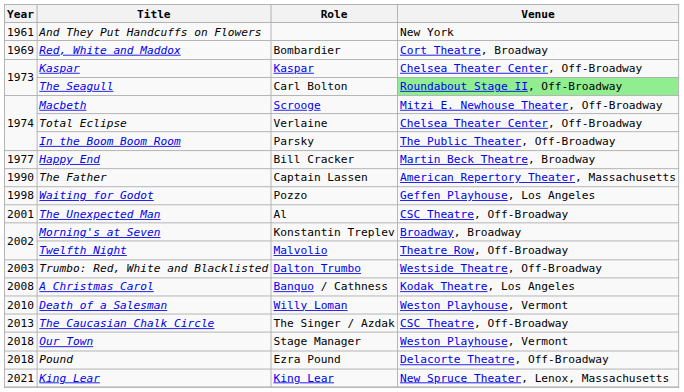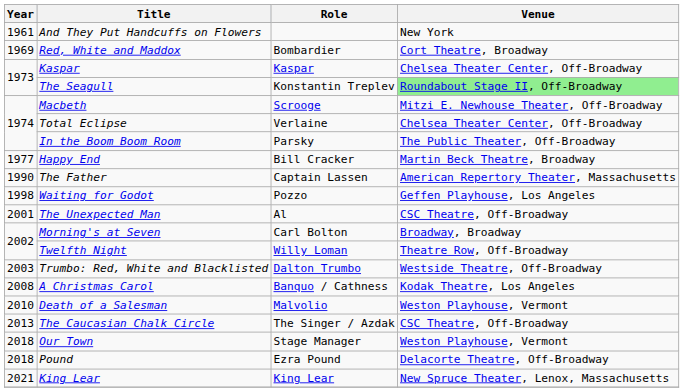 <table class="wikitable sortable">
 <tr style="background:#b0c4de; text-align:center;">
 <th>Year</th>
 <th>Title</th>
 <th>Role</th>
 <th>Venue</th>
 </tr>
 <tr>
 <td>1961</td>
 <td><em>And They Put Handcuffs on Flowers</em></td>
 <td></td>
 <td>New York</td>
 </tr>
 <tr>
 <td>1969</td>
 <td><em><a href='#'>Red, White and Maddox</a></em></td>
 <td>Bombardier</td>
 <td><a href='#'>Cort Theatre</a>, Broadway</td>
 </tr>
 <tr>
 <td rowspan="2">1973</td>
 <td><em><a href='#'>Kaspar</a></em></td>
 <td><a href='#'>Kaspar</a></td>
 <td><a href='#'>Chelsea Theater Center</a>, Off-Broadway</td>
 </tr>
 <tr>
 <td><em><a href='#'>The Seagull</a></em></td>
-<td>Carl Bolton</td>
+<td>Konstantin Treplev</td>
 <td style="background: lightgreen;"><a href='#'>Roundabout Stage II</a>, Off-Broadway</td>
 </tr>
 <tr>
 <td rowspan="3">1974</td>
 <td><em><a href='#'>Macbeth</a></em></td>
 <td><a href='#'>Scrooge</a></td>
 <td><a href='#'>Mitzi E. Newhouse Theater</a>, Off-Broadway</td>
 </tr>
 <tr>
 <td><em>Total Eclipse</em></td>
 <td>Verlaine</td>
 <td><a href='#'>Chelsea Theater Center</a>, Off-Broadway</td>
 </tr>
 <tr>
 <td><em><a href='#'>In the Boom Boom Room</a></em></td>
 <td>Parsky</td>
 <td><a href='#'>The Public Theater</a>, Off-Broadway</td>
 </tr>
 <tr>
 <td>1977</td>
 <td><em><a href='#'>Happy End</a></em></td>
 <td>Bill Cracker</td>
 <td><a href='#'>Martin Beck Theatre</a>, Broadway</td>
 </tr>
 <tr>
 <td>1990</td>
 <td data-sort-value="Father, The"><em>The Father</em></td>
 <td>Captain Lassen</td>
 <td><a href='#'>American Repertory Theater</a>, Massachusetts</td>
 </tr>
 <tr>
 <td>1998</td>
 <td><em><a href='#'>Waiting for Godot</a></em></td>
 <td>Pozzo</td>
 <td><a href='#'>Geffen Playhouse</a>, Los Angeles</td>
 </tr>
 <tr>
 <td>2001</td>
 <td data-sort-value="Unexpected Man, The"><em><a href='#'>The Unexpected Man</a></em></td>
 <td>Al</td>
 <td><a href='#'>CSC Theatre</a>, Off-Broadway</td>
 </tr>
 <tr>
 <td rowspan="2">2002</td>
 <td><em><a href='#'>Morning's at Seven</a></em></td>
-<td>Konstantin Treplev</td>
+<td>Carl Bolton</td>
 <td><a href='#'>Broadway</a>, Broadway</td>
 </tr>
 <tr>
 <td><em><a href='#'>Twelfth Night</a></em></td>
-<td><a href='#'>Malvolio</a></td>
+<td><a href='#'>Willy Loman</a></td>
 <td><a href='#'>Theatre Row</a>, Off-Broadway</td>
 </tr>
 <tr>
 <td>2003</td>
 <td><em>Trumbo: Red, White and Blacklisted</em></td>
 <td><a href='#'>Dalton Trumbo</a></td>
 <td><a href='#'>Westside Theatre</a>, Off-Broadway</td>
 </tr>
 <tr>
 <td>2008</td>
 <td data-sort-value="Christmas Carol, A"><em><a href='#'>A Christmas Carol</a></em></td>
 <td><a href='#'>Banquo</a> / Cathness</td>
 <td><a href='#'>Kodak Theatre</a>, Los Angeles</td>
 </tr>
 <tr>
 <td>2010</td>
 <td><em><a href='#'>Death of a Salesman</a></em></td>
-<td><a href='#'>Willy Loman</a></td>
+<td><a href='#'>Malvolio</a></td>
 <td><a href='#'>Weston Playhouse</a>, Vermont</td>
 </tr>
 <tr>
 <td>2013</td>
 <td data-sort-value="Caucasian Chalk Circle, The"><em><a href='#'>The Caucasian Chalk Circle</a></em></td>
 <td>The Singer / Azdak</td>
 <td><a href='#'>CSC Theatre</a>, Off-Broadway</td>
 </tr>
 <tr>
 <td>2018</td>
 <td><em><a href='#'>Our Town</a></em></td>
 <td>Stage Manager</td>
 <td><a href='#'>Weston Playhouse</a>, Vermont</td>
 </tr>
 <tr>
 <td>2018</td>
 <td><em>Pound</em></td>
 <td>Ezra Pound</td>
 <td><a href='#'>Delacorte Theatre</a>, Off-Broadway</td>
 </tr>
 <tr>
 <td>2021</td>
 <td><em><a href='#'>King Lear</a></em></td>
 <td><a href='#'>King Lear</a></td>
 <td><a href='#'>New Spruce Theater</a>, Lenox, Massachusetts</td>
 </tr>
 <tr>
 </tr>
 </table>
